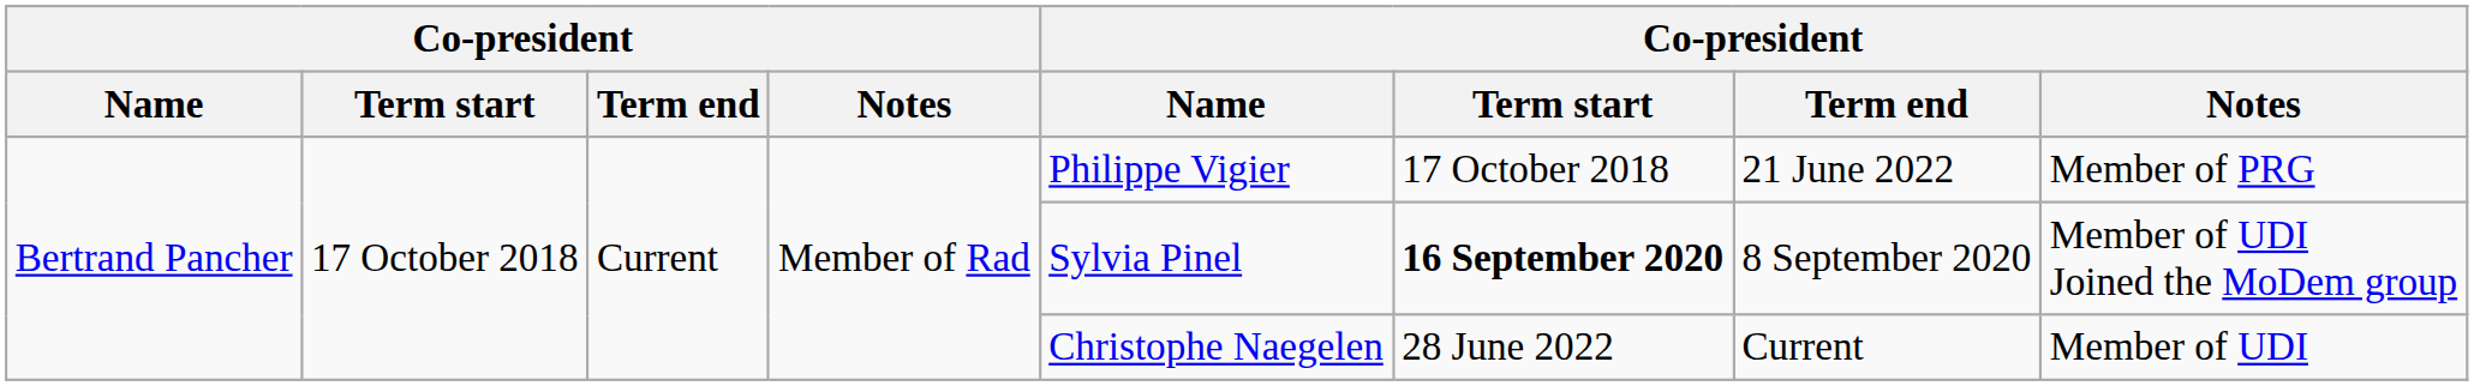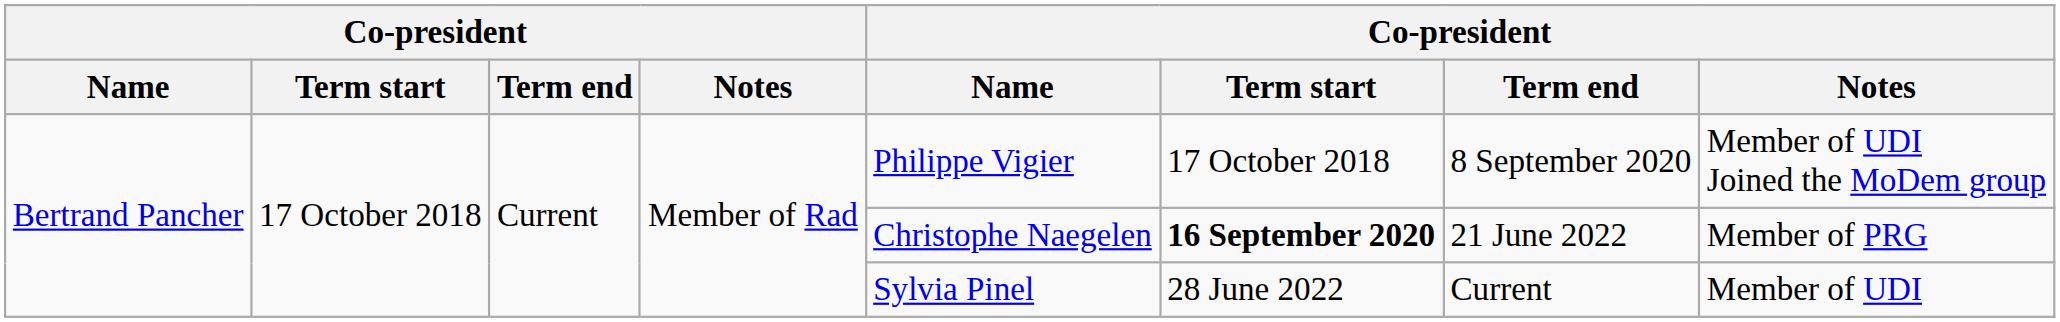 <table class="wikitable" style="font-size:95%;">
 <tr>
 <th colspan="4">Co-president</th>
 <th colspan="4">Co-president</th>
 </tr>
 <tr>
 <th>Name</th>
 <th>Term start</th>
 <th>Term end</th>
 <th>Notes</th>
 <th>Name</th>
 <th>Term start</th>
 <th>Term end</th>
 <th>Notes</th>
 </tr>
 <tr>
 <td rowspan="3"><a href='#'>Bertrand Pancher</a></td>
 <td rowspan="3">17 October 2018</td>
 <td rowspan="3">Current</td>
 <td rowspan="3">Member of <a href='#'>Rad</a></td>
 <td><a href='#'>Philippe Vigier</a></td>
 <td>17 October 2018</td>
+<td>8 September 2020</td>
+<td>Member of <a href='#'>UDI</a><br>Joined the <a href='#'>MoDem group</a></td>
+</tr>
+<tr>
+<td><a href='#'>Christophe Naegelen</a></td>
+<td><strong>16 September 2020</strong></td>
 <td>21 June 2022</td>
 <td>Member of <a href='#'>PRG</a></td>
 </tr>
 <tr>
 <td><a href='#'>Sylvia Pinel</a></td>
-<td><strong>16 September 2020</strong></td>
-<td>8 September 2020</td>
-<td>Member of <a href='#'>UDI</a><br>Joined the <a href='#'>MoDem group</a></td>
-</tr>
-<tr>
-<td><a href='#'>Christophe Naegelen</a></td>
 <td>28 June 2022</td>
 <td>Current</td>
 <td>Member of <a href='#'>UDI</a></td>
 </tr>
 </table>
